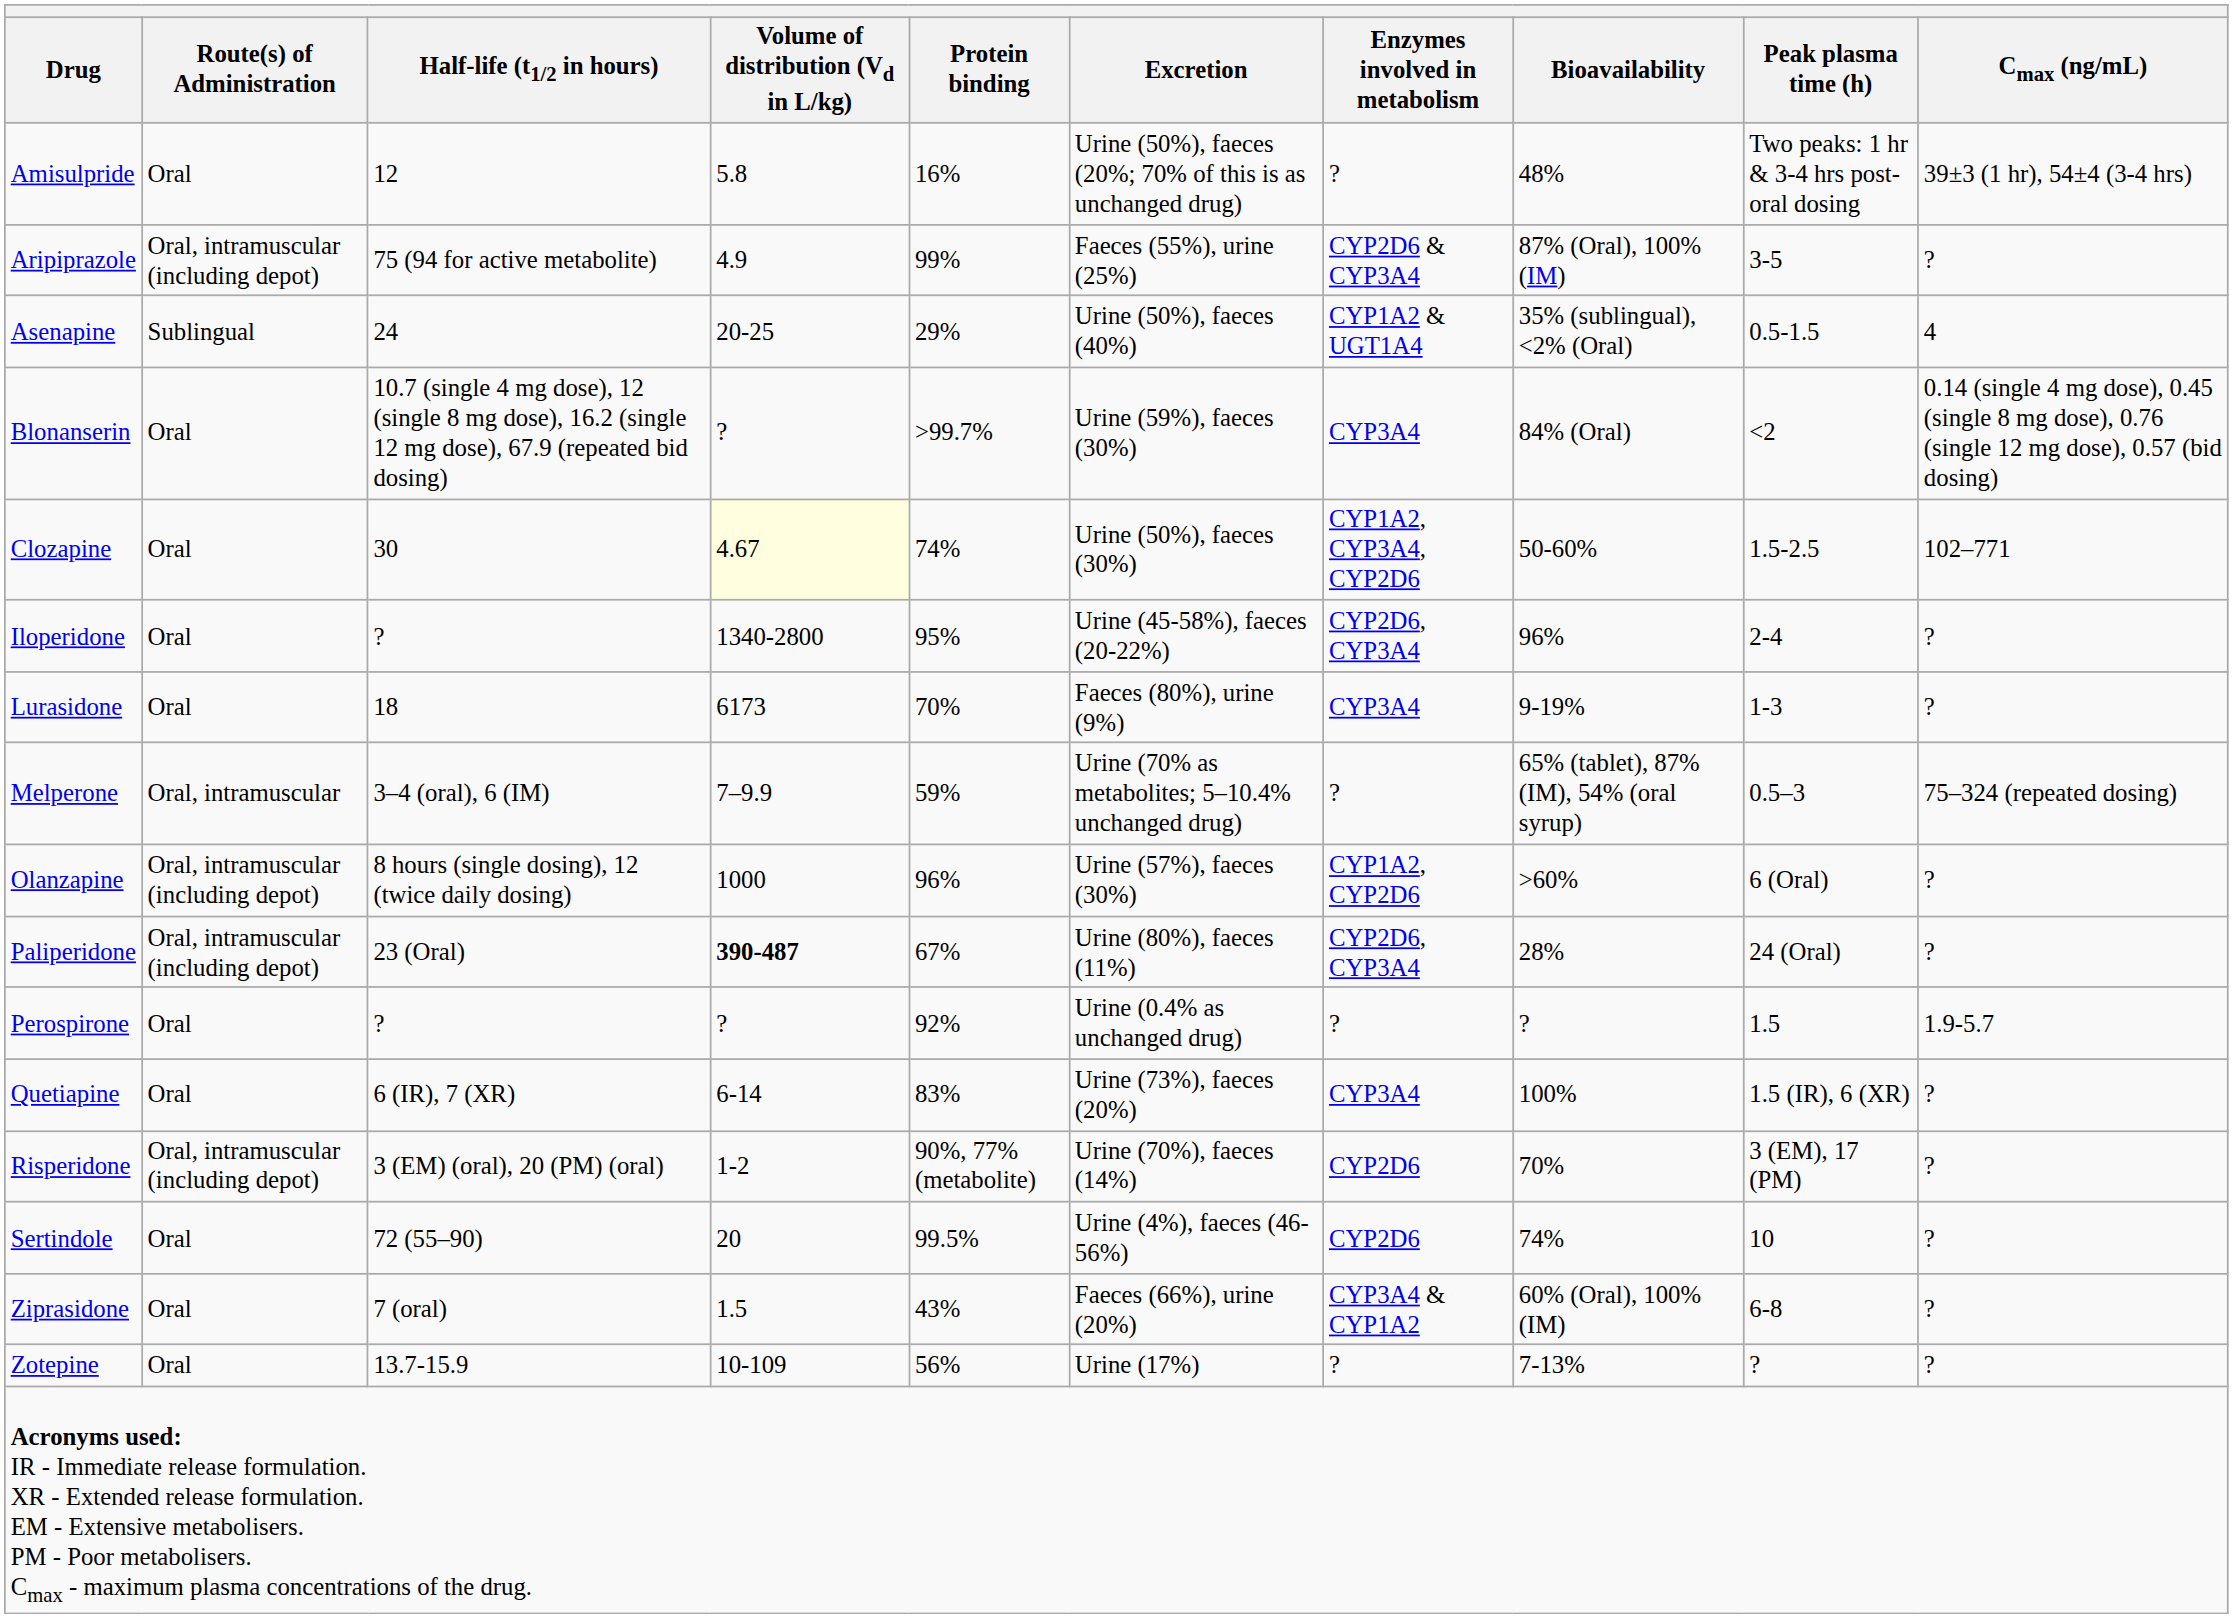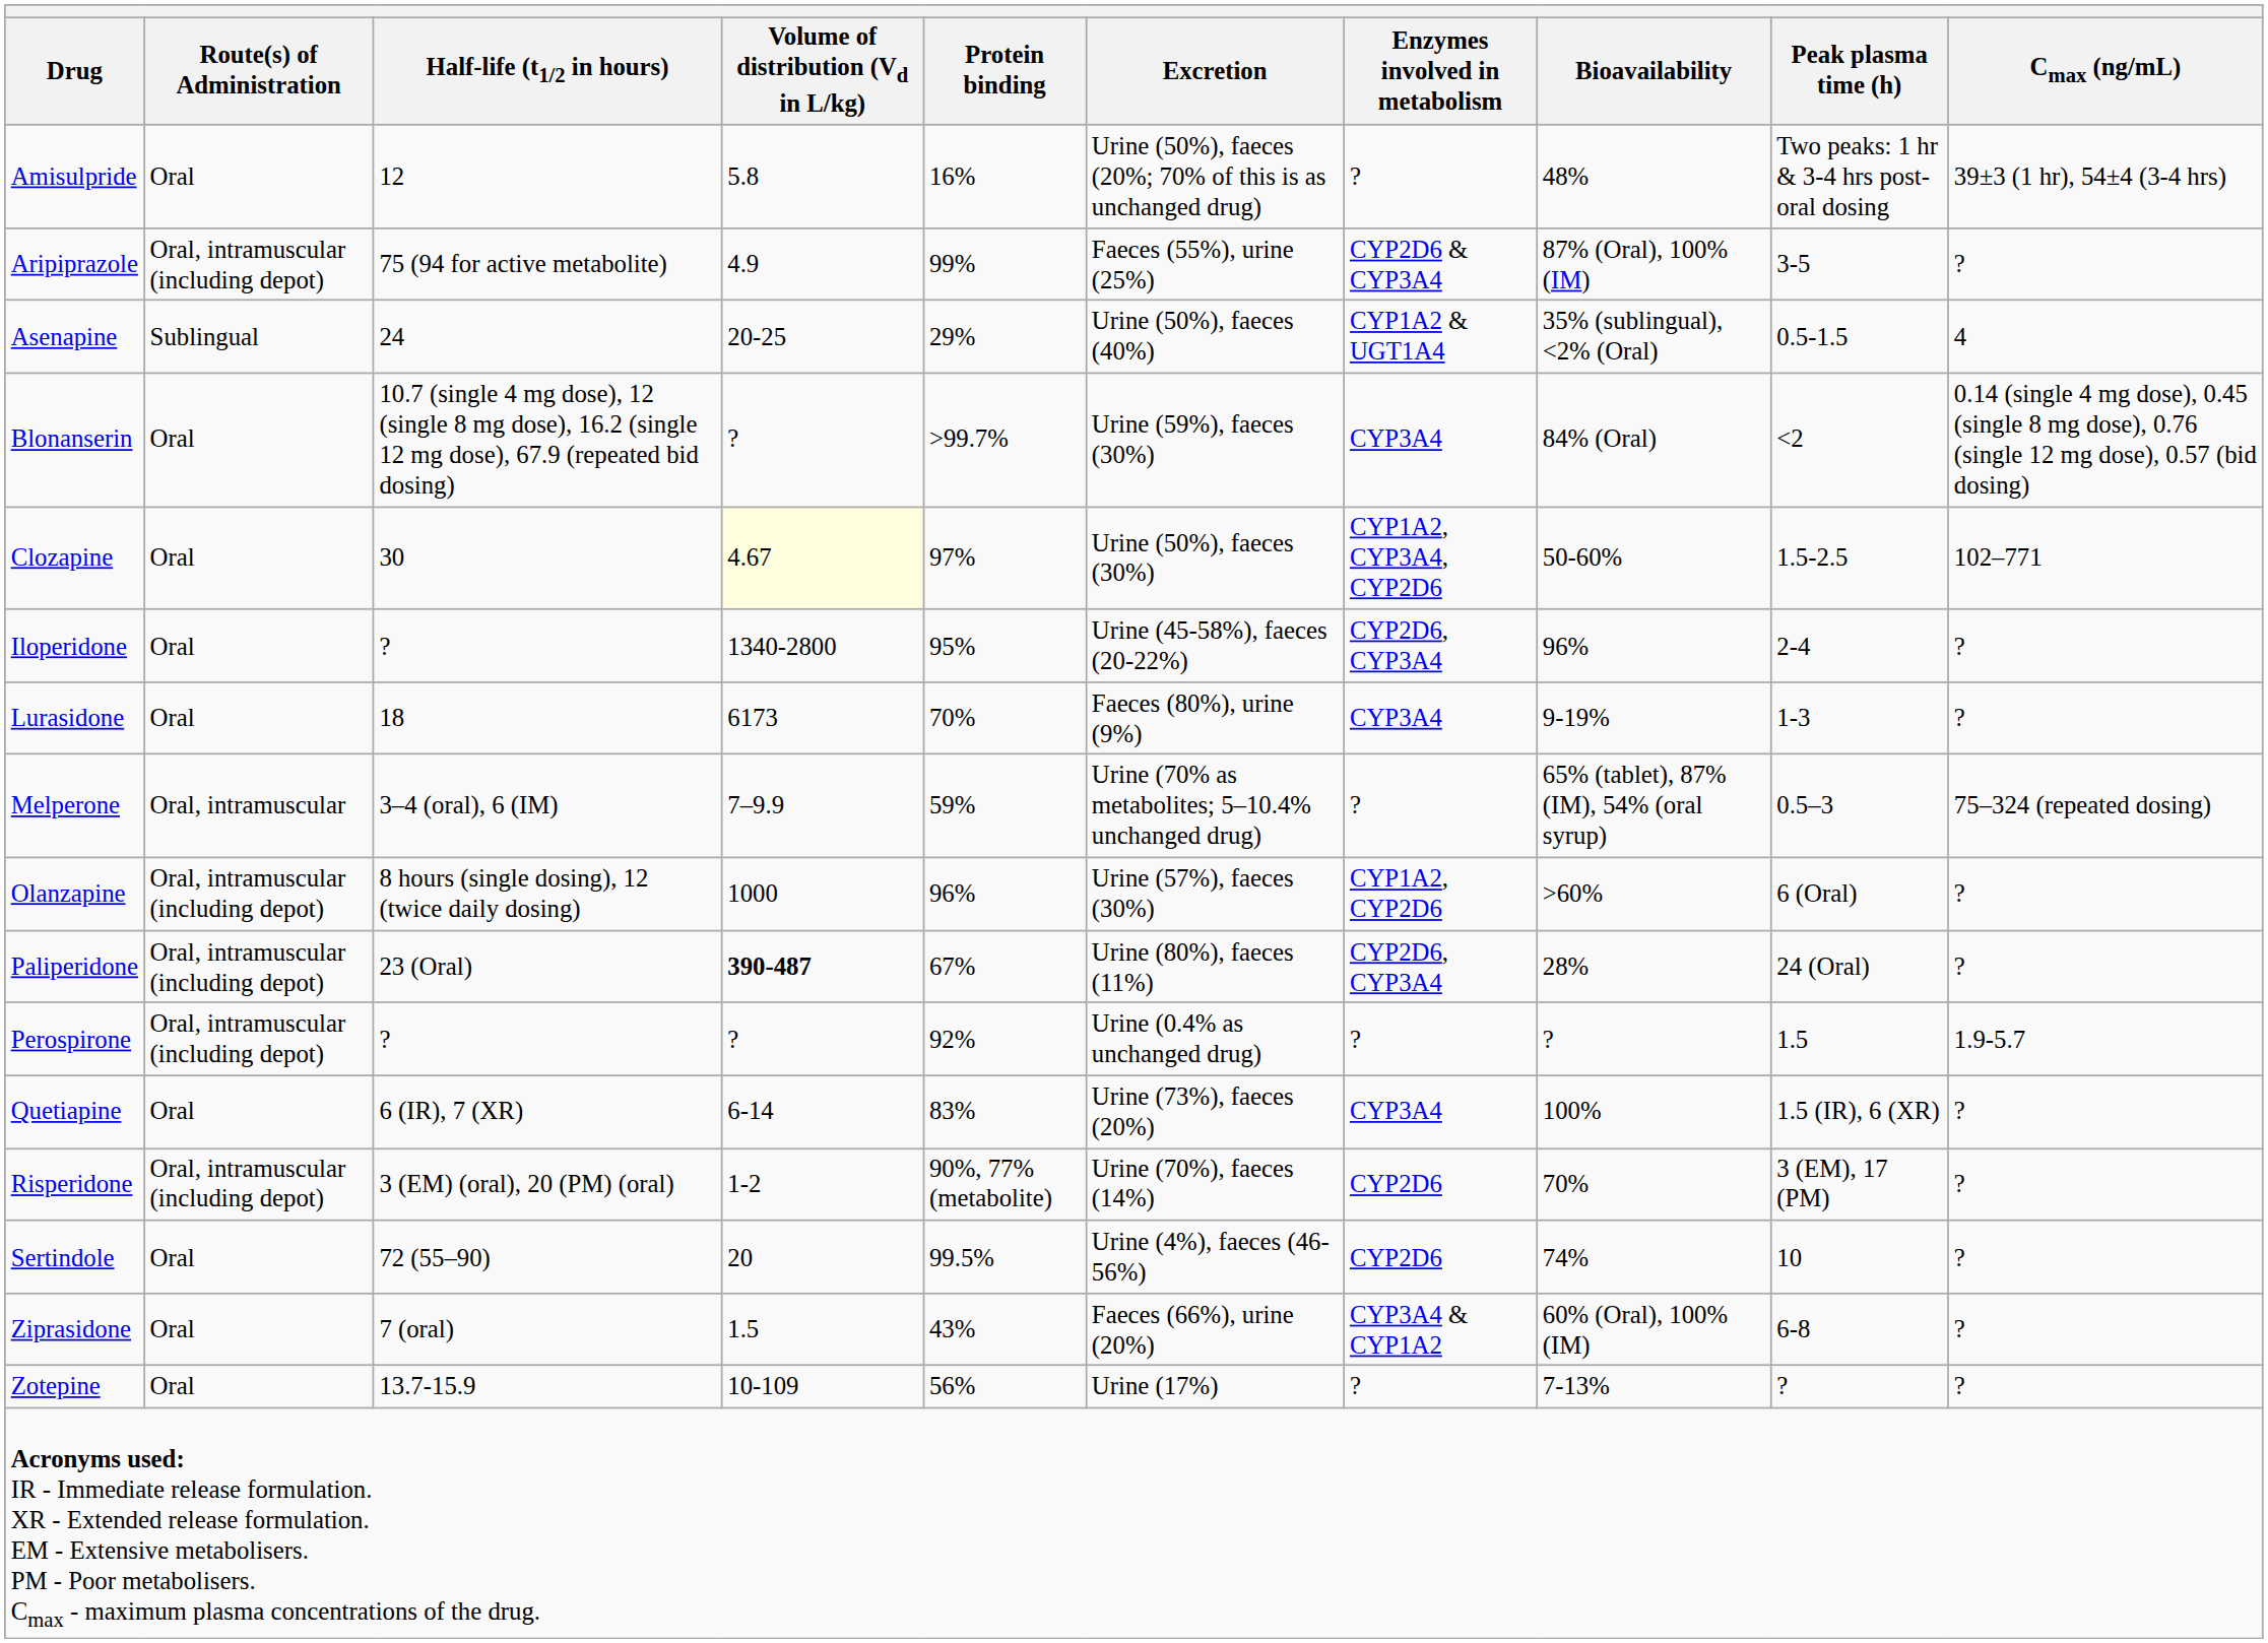 <table class="wikitable collapsible collapsed" style="width:100%; font-size:88%">
 <tr>
 <th colspan=10></th>
 </tr>
 <tr>
 <th>Drug</th>
 <th>Route(s) of Administration</th>
 <th>Half-life (t<sub>1/2</sub> in hours)</th>
 <th>Volume of distribution (V<sub>d</sub> in L/kg)</th>
 <th>Protein binding</th>
 <th>Excretion</th>
 <th>Enzymes involved in metabolism</th>
 <th>Bioavailability</th>
 <th>Peak plasma time (h)</th>
 <th>C<sub>max</sub> (ng/mL)</th>
 </tr>
 <tr>
 <td><a href='#'>Amisulpride</a></td>
 <td>Oral</td>
 <td>12</td>
 <td>5.8</td>
 <td>16%</td>
 <td>Urine (50%), faeces (20%; 70% of this is as unchanged drug)</td>
 <td>?</td>
 <td>48%</td>
 <td>Two peaks: 1 hr & 3-4 hrs post-oral dosing</td>
 <td>39±3 (1 hr), 54±4 (3-4 hrs)</td>
 </tr>
 <tr>
 <td><a href='#'>Aripiprazole</a></td>
 <td>Oral, intramuscular (including depot)</td>
 <td>75 (94 for active metabolite)</td>
 <td>4.9</td>
 <td>99%</td>
 <td>Faeces (55%), urine (25%)</td>
 <td><a href='#'>CYP2D6</a> & <a href='#'>CYP3A4</a></td>
 <td>87% (Oral), 100% (<a href='#'>IM</a>)</td>
 <td>3-5</td>
 <td>?</td>
 </tr>
 <tr>
 <td><a href='#'>Asenapine</a></td>
 <td>Sublingual</td>
 <td>24</td>
 <td>20-25</td>
 <td>29%</td>
 <td>Urine (50%), faeces (40%)</td>
 <td><a href='#'>CYP1A2</a> & <a href='#'>UGT1A4</a></td>
 <td>35% (sublingual), <2% (Oral)</td>
 <td>0.5-1.5</td>
 <td>4</td>
 </tr>
 <tr>
 <td><a href='#'>Blonanserin</a></td>
 <td>Oral</td>
 <td>10.7 (single 4 mg dose), 12 (single 8 mg dose), 16.2 (single 12 mg dose), 67.9 (repeated bid dosing)</td>
 <td>?</td>
 <td>>99.7%</td>
 <td>Urine (59%), faeces (30%)</td>
 <td><a href='#'>CYP3A4</a></td>
 <td>84% (Oral)</td>
 <td><2</td>
 <td>0.14 (single 4 mg dose), 0.45 (single 8 mg dose), 0.76 (single 12 mg dose), 0.57 (bid dosing)</td>
 </tr>
 <tr>
 <td><a href='#'>Clozapine</a></td>
 <td>Oral</td>
 <td>30</td>
 <td style="background: lightyellow;">4.67</td>
-<td>74%</td>
+<td>97%</td>
 <td>Urine (50%), faeces (30%)</td>
 <td><a href='#'>CYP1A2</a>, <a href='#'>CYP3A4</a>, <a href='#'>CYP2D6</a></td>
 <td>50-60%</td>
 <td>1.5-2.5</td>
 <td>102–771</td>
 </tr>
 <tr>
 <td><a href='#'>Iloperidone</a></td>
 <td>Oral</td>
 <td>?</td>
 <td>1340-2800</td>
 <td>95%</td>
 <td>Urine (45-58%), faeces (20-22%)</td>
 <td><a href='#'>CYP2D6</a>, <a href='#'>CYP3A4</a></td>
 <td>96%</td>
 <td>2-4</td>
 <td>?</td>
 </tr>
 <tr>
 <td><a href='#'>Lurasidone</a></td>
 <td>Oral</td>
 <td>18</td>
 <td>6173</td>
 <td>70%</td>
 <td>Faeces (80%), urine (9%)</td>
 <td><a href='#'>CYP3A4</a></td>
 <td>9-19%</td>
 <td>1-3</td>
 <td>?</td>
 </tr>
 <tr>
 <td><a href='#'>Melperone</a></td>
 <td>Oral, intramuscular</td>
 <td>3–4 (oral), 6 (IM)</td>
 <td>7–9.9</td>
 <td>59%</td>
 <td>Urine (70% as metabolites; 5–10.4% unchanged drug)</td>
 <td>?</td>
 <td>65% (tablet), 87% (IM), 54% (oral syrup)</td>
 <td>0.5–3</td>
 <td>75–324 (repeated dosing)</td>
 </tr>
 <tr>
 <td><a href='#'>Olanzapine</a></td>
 <td>Oral, intramuscular (including depot)</td>
 <td>8 hours (single dosing), 12 (twice daily dosing)</td>
 <td>1000</td>
 <td>96%</td>
 <td>Urine (57%), faeces (30%)</td>
 <td><a href='#'>CYP1A2</a>, <a href='#'>CYP2D6</a></td>
 <td>>60%</td>
 <td>6 (Oral)</td>
 <td>?</td>
 </tr>
 <tr>
 <td><a href='#'>Paliperidone</a></td>
 <td>Oral, intramuscular (including depot)</td>
 <td>23 (Oral)</td>
 <td><strong>390-487</strong></td>
 <td>67%</td>
 <td>Urine (80%), faeces (11%)</td>
 <td><a href='#'>CYP2D6</a>, <a href='#'>CYP3A4</a></td>
 <td>28%</td>
 <td>24 (Oral)</td>
 <td>?</td>
 </tr>
 <tr>
 <td><a href='#'>Perospirone</a></td>
-<td>Oral</td>
+<td>Oral, intramuscular (including depot)</td>
 <td>?</td>
 <td>?</td>
 <td>92%</td>
 <td>Urine (0.4% as unchanged drug)</td>
 <td>?</td>
 <td>?</td>
 <td>1.5</td>
 <td>1.9-5.7</td>
 </tr>
 <tr>
 <td><a href='#'>Quetiapine</a></td>
 <td>Oral</td>
 <td>6 (IR), 7 (XR)</td>
 <td>6-14</td>
 <td>83%</td>
 <td>Urine (73%), faeces (20%)</td>
 <td><a href='#'>CYP3A4</a></td>
 <td>100%</td>
 <td>1.5 (IR), 6 (XR)</td>
 <td>?</td>
 </tr>
 <tr>
 <td><a href='#'>Risperidone</a></td>
 <td>Oral, intramuscular (including depot)</td>
 <td>3 (EM) (oral), 20 (PM) (oral)</td>
 <td>1-2</td>
 <td>90%, 77% (metabolite)</td>
 <td>Urine (70%), faeces (14%)</td>
 <td><a href='#'>CYP2D6</a></td>
 <td>70%</td>
 <td>3 (EM), 17 (PM)</td>
 <td>?</td>
 </tr>
 <tr>
 <td><a href='#'>Sertindole</a></td>
 <td>Oral</td>
 <td>72 (55–90)</td>
 <td>20</td>
 <td>99.5%</td>
 <td>Urine (4%), faeces (46-56%)</td>
 <td><a href='#'>CYP2D6</a></td>
 <td>74%</td>
 <td>10</td>
 <td>?</td>
 </tr>
 <tr>
 <td><a href='#'>Ziprasidone</a></td>
 <td>Oral</td>
 <td>7 (oral)</td>
 <td>1.5</td>
 <td>43%</td>
 <td>Faeces (66%), urine (20%)</td>
 <td><a href='#'>CYP3A4</a> & <a href='#'>CYP1A2</a></td>
 <td>60% (Oral), 100% (IM)</td>
 <td>6-8</td>
 <td>?</td>
 </tr>
 <tr>
 <td><a href='#'>Zotepine</a></td>
 <td>Oral</td>
 <td>13.7-15.9</td>
 <td>10-109</td>
 <td>56%</td>
 <td>Urine (17%)</td>
 <td>?</td>
 <td>7-13%</td>
 <td>?</td>
 <td>?</td>
 </tr>
 <tr>
 <td colspan=10><br><strong>Acronyms used:</strong><br> IR - Immediate release formulation.<br> XR - Extended release formulation.<br> EM - Extensive metabolisers.<br> PM - Poor metabolisers. <br> C<sub>max</sub> - maximum plasma concentrations of the drug.</td>
 </tr>
 </table>
